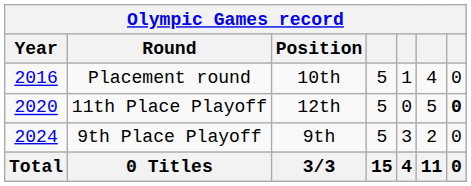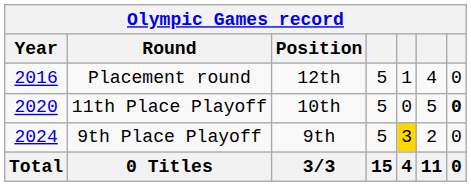 <table class="wikitable" style="text-align: center;">
 <tr>
 <th colspan=7><a href='#'>Olympic Games record</a></th>
 </tr>
 <tr>
 <th>Year</th>
 <th>Round</th>
 <th>Position</th>
 <th></th>
 <th></th>
 <th></th>
 <th></th>
 </tr>
 <tr>
 <td> <a href='#'>2016</a></td>
 <td>Placement round</td>
-<td>10th</td>
+<td>12th</td>
 <td>5</td>
 <td>1</td>
 <td>4</td>
 <td>0</td>
 </tr>
 <tr>
 <td> <a href='#'>2020</a></td>
 <td>11th Place Playoff</td>
-<td>12th</td>
+<td>10th</td>
 <td>5</td>
 <td>0</td>
 <td>5</td>
 <td><strong>0</strong></td>
 </tr>
 <tr>
 <td> <a href='#'>2024</a></td>
 <td>9th Place Playoff</td>
 <td>9th</td>
 <td>5</td>
-<td>3</td>
+<td style="background: gold;">3</td>
 <td>2</td>
 <td>0</td>
 </tr>
 <tr>
 <th>Total</th>
 <th>0 Titles</th>
 <th>3/3</th>
 <th>15</th>
 <th>4</th>
 <th>11</th>
 <th>0</th>
 </tr>
 </table>
